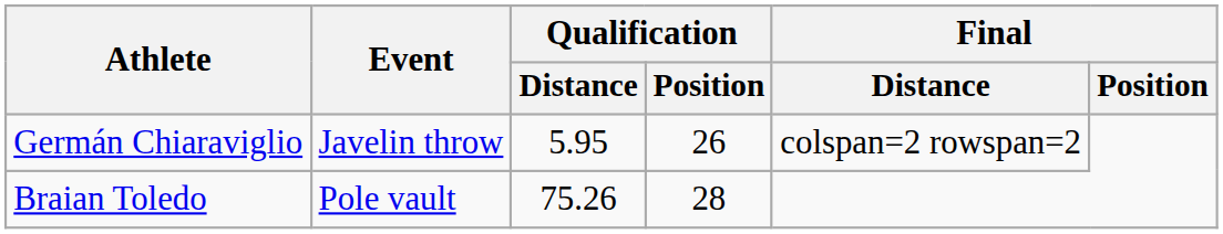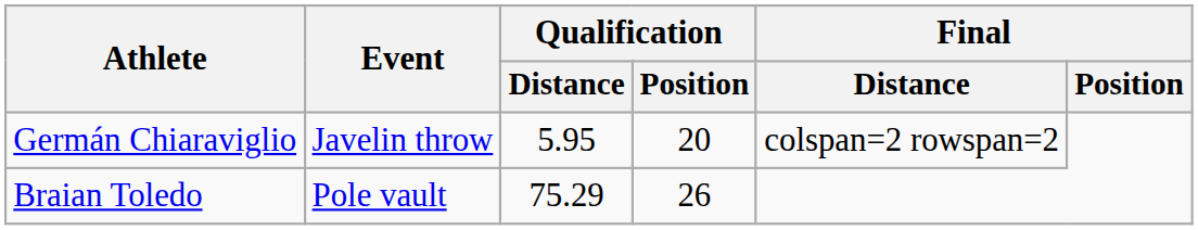 <table class=wikitable style=font-size:90%>
 <tr>
 <th rowspan=2>Athlete</th>
 <th rowspan=2>Event</th>
 <th colspan=2>Qualification</th>
 <th colspan=2>Final</th>
 </tr>
 <tr style=font-size:95%>
 <th>Distance</th>
 <th>Position</th>
 <th>Distance</th>
 <th>Position</th>
 </tr>
 <tr align=center>
 <td align=left><a href='#'>Germán Chiaraviglio</a></td>
 <td align=left><a href='#'>Javelin throw</a></td>
 <td>5.95</td>
-<td>26</td>
+<td>20</td>
 <td>colspan=2 rowspan=2 </td>
 </tr>
 <tr align=center>
 <td align=left><a href='#'>Braian Toledo</a></td>
 <td align=left><a href='#'>Pole vault</a></td>
-<td>75.26</td>
-<td>28</td>
+<td>75.29</td>
+<td>26</td>
 </tr>
 </table>
